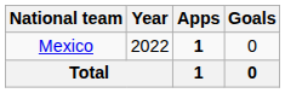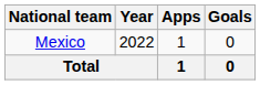 <table class="wikitable" style="text-align: center;">
 <tr>
 <th>National team</th>
 <th>Year</th>
 <th>Apps</th>
 <th>Goals</th>
 </tr>
 <tr>
 <td rowspan="1" valign="center"><a href='#'>Mexico</a></td>
 <td>2022</td>
-<td><strong>1</strong></td>
+<td>1</td>
 <td>0</td>
 </tr>
 <tr>
 <th colspan="2">Total</th>
 <th>1</th>
 <th>0</th>
 </tr>
 </table>
